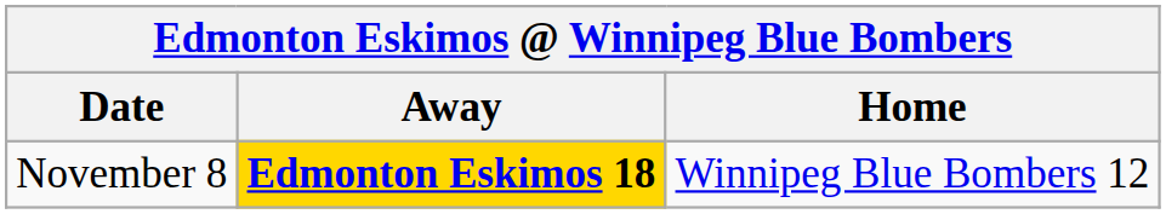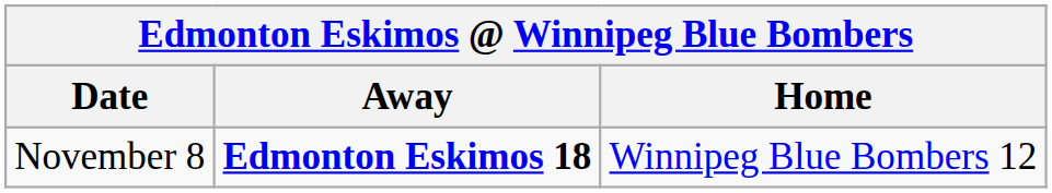 <table class="wikitable">
 <tr>
 <th colspan=4><a href='#'>Edmonton Eskimos</a> @ <a href='#'>Winnipeg Blue Bombers</a></th>
 </tr>
 <tr>
 <th>Date</th>
 <th>Away</th>
 <th>Home</th>
 </tr>
 <tr>
 <td>November 8</td>
-<td style="background: gold;"><strong><a href='#'>Edmonton Eskimos</a> 18</strong></td>
+<td><strong><a href='#'>Edmonton Eskimos</a> 18</strong></td>
 <td><a href='#'>Winnipeg Blue Bombers</a> 12</td>
 </tr>
 </table>
